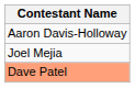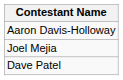 <table class="wikitable sortable">
 <tr>
 <th>Contestant Name</th>
 </tr>
 <tr>
 <td>Aaron Davis-Holloway</td>
 </tr>
 <tr>
 <td>Joel Mejia</td>
 </tr>
 <tr>
-<td style="background: lightsalmon;">Dave Patel</td>
+<td>Dave Patel</td>
 </tr>
 </table>
